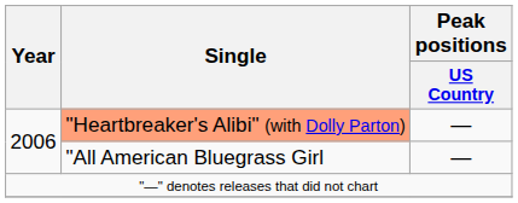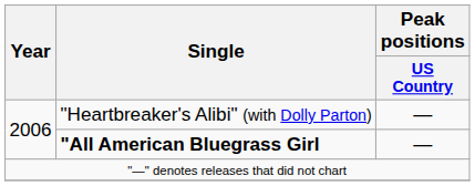 <table class="wikitable" style="text-align:center;">
 <tr>
 <th rowspan="2">Year</th>
 <th rowspan="2">Single</th>
 <th colspan="1">Peak positions</th>
 </tr>
 <tr style="font-size:smaller;">
 <th width="50"><a href='#'>US Country</a></th>
 </tr>
 <tr>
 <td rowspan="2">2006</td>
-<td align="left" style="background: lightsalmon;">"Heartbreaker's Alibi" <small>(with <a href='#'>Dolly Parton</a>)</small></td>
+<td align="left">"Heartbreaker's Alibi" <small>(with <a href='#'>Dolly Parton</a>)</small></td>
 <td>—</td>
 </tr>
 <tr>
-<td align="left">"All American Bluegrass Girl</td>
+<td align="left"><strong>"All American Bluegrass Girl</strong></td>
 <td>—</td>
 </tr>
 <tr>
 <td colspan="10" style="font-size:8pt">"—" denotes releases that did not chart</td>
 </tr>
 <tr>
 </tr>
 </table>
